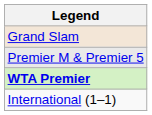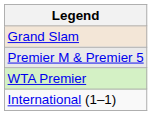 <table class="wikitable" style="font-size:90%">
 <tr>
 <th>Legend</th>
 </tr>
 <tr>
 <td style="background:#f3e6d7;"><a href='#'>Grand Slam</a></td>
 </tr>
 <tr>
 <td style="background:#e9e9e9;"><a href='#'>Premier M & Premier 5</a></td>
 </tr>
 <tr>
-<td style="background:#d4f1c5;"><strong><a href='#'>WTA Premier</a></strong></td>
+<td style="background:#d4f1c5;"><a href='#'>WTA Premier</a></td>
 </tr>
 <tr>
 <td><a href='#'>International</a> (1–1)</td>
 </tr>
 </table>
